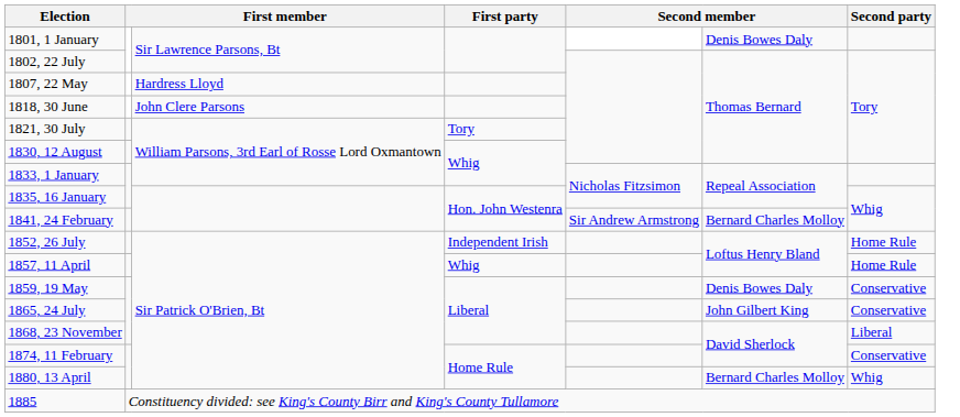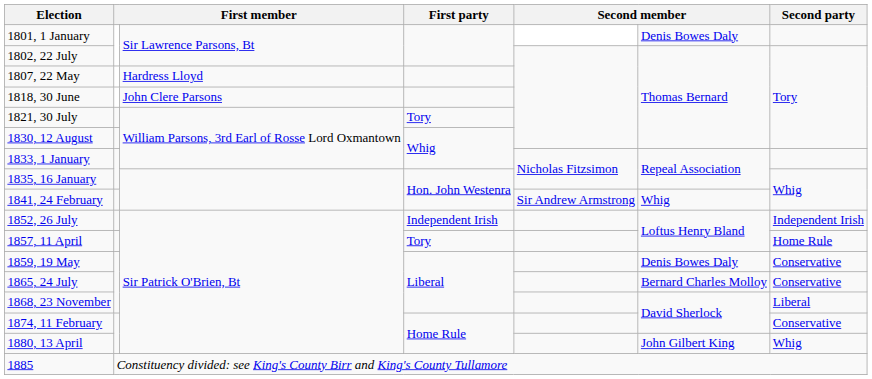 <table class="wikitable">
 <tr>
 <th>Election</th>
 <th colspan="2">First member</th>
 <th>First party</th>
 <th colspan="2">Second member</th>
 <th>Second party</th>
 </tr>
 <tr>
 <td>1801, 1 January</td>
 <td rowspan="2" style="color:inherit;background-color: white"></td>
 <td rowspan="2"><a href='#'>Sir Lawrence Parsons, Bt</a> </td>
 <td rowspan="2"></td>
 <td style="color:inherit;background-color: white"></td>
 <td><a href='#'>Denis Bowes Daly</a>   </td>
 <td></td>
 </tr>
 <tr>
 <td>1802, 22 July</td>
 <td rowspan="5" style="color:inherit;background-color: "></td>
 <td rowspan="5"><a href='#'>Thomas Bernard</a>     </td>
 <td rowspan="5"><a href='#'>Tory</a></td>
 </tr>
 <tr>
 <td>1807, 22 May</td>
 <td style="color:inherit;background-color: white"></td>
 <td><a href='#'>Hardress Lloyd</a>   </td>
 <td></td>
 </tr>
 <tr>
 <td>1818, 30 June</td>
 <td style="color:inherit;background-color: white"></td>
 <td><a href='#'>John Clere Parsons</a>   </td>
 <td></td>
 </tr>
 <tr>
 <td>1821, 30 July</td>
 <td style="color:inherit;background-color: "></td>
 <td rowspan="3"><a href='#'>William Parsons, 3rd Earl of Rosse</a> Lord Oxmantown</td>
 <td><a href='#'>Tory</a></td>
 </tr>
 <tr>
 <td><a href='#'>1830, 12 August</a></td>
 <td style="color:inherit;background-color: "></td>
 <td rowspan="2"><a href='#'>Whig</a></td>
 </tr>
 <tr>
 <td><a href='#'>1833, 1 January</a></td>
 <td rowspan="2" style="color:inherit;background-color: "></td>
 <td rowspan="2"><a href='#'>Nicholas Fitzsimon</a>    </td>
 <td rowspan="2"><a href='#'>Repeal Association</a></td>
 </tr>
 <tr>
 <td><a href='#'>1835, 16 January</a></td>
 <td rowspan="2" style="color:inherit;background-color: "></td>
 <td rowspan="2"><a href='#'>Hon. John Westenra</a>     </td>
 <td rowspan="2"><a href='#'>Whig</a></td>
 </tr>
 <tr>
 <td><a href='#'>1841, 24 February</a></td>
 <td style="color:inherit;background-color: "></td>
 <td><a href='#'>Sir Andrew Armstrong</a>   </td>
-<td><a href='#'>Bernard Charles Molloy</a>   </td>
+<td><a href='#'>Whig</a></td>
 </tr>
 <tr>
 <td><a href='#'>1852, 26 July</a></td>
 <td style="color:inherit;background-color: "></td>
 <td rowspan="7"><a href='#'>Sir Patrick O'Brien, Bt</a>   </td>
 <td><a href='#'>Independent Irish</a></td>
 <td style="color:inherit;background-color: "></td>
 <td rowspan = 2><a href='#'>Loftus Henry Bland</a>   </td>
-<td><a href='#'>Home Rule</a></td>
+<td><a href='#'>Independent Irish</a></td>
 </tr>
 <tr>
 <td><a href='#'>1857, 11 April</a></td>
 <td style="color:inherit;background-color: "></td>
-<td><a href='#'>Whig</a></td>
+<td><a href='#'>Tory</a></td>
 <td style="color:inherit;background-color: "></td>
 <td><a href='#'>Home Rule</a></td>
 </tr>
 <tr>
 <td><a href='#'>1859, 19 May</a></td>
 <td rowspan=3 style="color:inherit;background-color: "></td>
 <td rowspan=3><a href='#'>Liberal</a></td>
 <td style="color:inherit;background-color: "></td>
 <td><a href='#'>Denis Bowes Daly</a>   </td>
 <td><a href='#'>Conservative</a></td>
 </tr>
 <tr>
 <td><a href='#'>1865, 24 July</a></td>
 <td style="color:inherit;background-color: "></td>
-<td><a href='#'>John Gilbert King</a>     </td>
+<td><a href='#'>Bernard Charles Molloy</a>   </td>
 <td><a href='#'>Conservative</a></td>
 </tr>
 <tr>
 <td><a href='#'>1868, 23 November</a></td>
 <td style="color:inherit;background-color: "></td>
 <td rowspan = 2><a href='#'>David Sherlock</a>   </td>
 <td><a href='#'>Liberal</a></td>
 </tr>
 <tr>
 <td><a href='#'>1874, 11 February</a></td>
 <td rowspan=2 style="color:inherit;background-color: "></td>
 <td rowspan = 2><a href='#'>Home Rule</a></td>
 <td style="color:inherit;background-color: "></td>
 <td><a href='#'>Conservative</a></td>
 </tr>
 <tr>
 <td><a href='#'>1880, 13 April</a></td>
 <td style="color:inherit;background-color: "></td>
-<td><a href='#'>Bernard Charles Molloy</a>   </td>
+<td><a href='#'>John Gilbert King</a>     </td>
 <td><a href='#'>Whig</a></td>
 </tr>
 <tr>
 <td><a href='#'>1885</a></td>
 <td colspan="6"><em>Constituency divided: see <a href='#'>King's County Birr</a> and <a href='#'>King's County Tullamore</a></em></td>
 </tr>
 </table>
